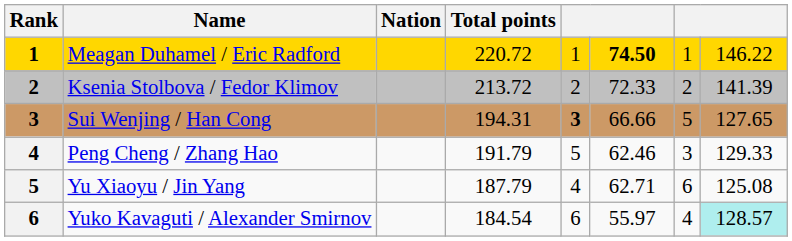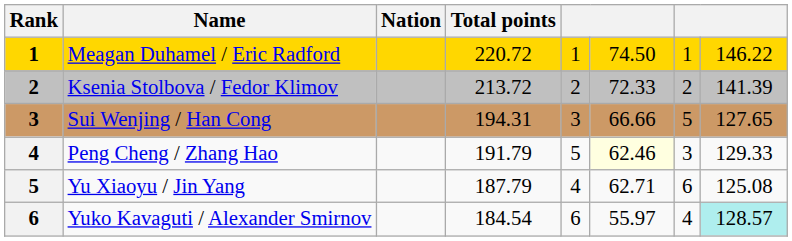 <table class="wikitable sortable">
 <tr>
 <th>Rank</th>
 <th>Name</th>
 <th>Nation</th>
 <th>Total points</th>
 <th colspan="2" width="80px"></th>
 <th colspan="2" width="80px"></th>
 </tr>
 <tr bgcolor="gold">
 <td align="center"><strong>1</strong></td>
 <td><a href='#'>Meagan Duhamel</a> / <a href='#'>Eric Radford</a></td>
 <td></td>
 <td align="center">220.72</td>
 <td align="center">1</td>
-<td align="center"><strong>74.50</strong></td>
+<td align="center">74.50</td>
 <td align="center">1</td>
 <td align="center">146.22</td>
 </tr>
 <tr bgcolor="silver">
 <td align="center"><strong>2</strong></td>
 <td><a href='#'>Ksenia Stolbova</a> / <a href='#'>Fedor Klimov</a></td>
 <td></td>
 <td align="center">213.72</td>
 <td align="center">2</td>
 <td align="center">72.33</td>
 <td align="center">2</td>
 <td align="center">141.39</td>
 </tr>
 <tr bgcolor="cc9966">
 <td align="center"><strong>3</strong></td>
 <td><a href='#'>Sui Wenjing</a> / <a href='#'>Han Cong</a></td>
 <td></td>
 <td align="center">194.31</td>
-<td align="center"><strong>3</strong></td>
+<td align="center">3</td>
 <td align="center">66.66</td>
 <td align="center">5</td>
 <td align="center">127.65</td>
 </tr>
 <tr>
 <th>4</th>
 <td><a href='#'>Peng Cheng</a> / <a href='#'>Zhang Hao</a></td>
 <td></td>
 <td align="center">191.79</td>
 <td align="center">5</td>
-<td align="center">62.46</td>
+<td align="center" style="background: lightyellow;">62.46</td>
 <td align="center">3</td>
 <td align="center">129.33</td>
 </tr>
 <tr>
 <th>5</th>
 <td><a href='#'>Yu Xiaoyu</a> / <a href='#'>Jin Yang</a></td>
 <td></td>
 <td align="center">187.79</td>
 <td align="center">4</td>
 <td align="center">62.71</td>
 <td align="center">6</td>
 <td align="center">125.08</td>
 </tr>
 <tr>
 <th>6</th>
 <td><a href='#'>Yuko Kavaguti</a> / <a href='#'>Alexander Smirnov</a></td>
 <td></td>
 <td align="center">184.54</td>
 <td align="center">6</td>
 <td align="center">55.97</td>
 <td align="center">4</td>
 <td align="center" style="background: paleturquoise;">128.57</td>
 </tr>
 </table>
